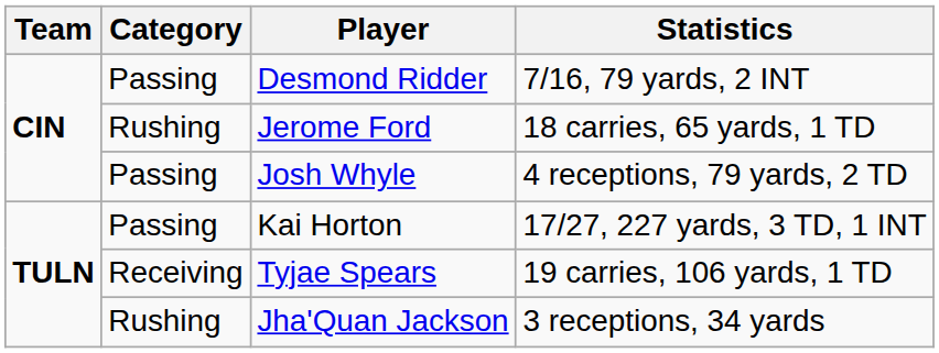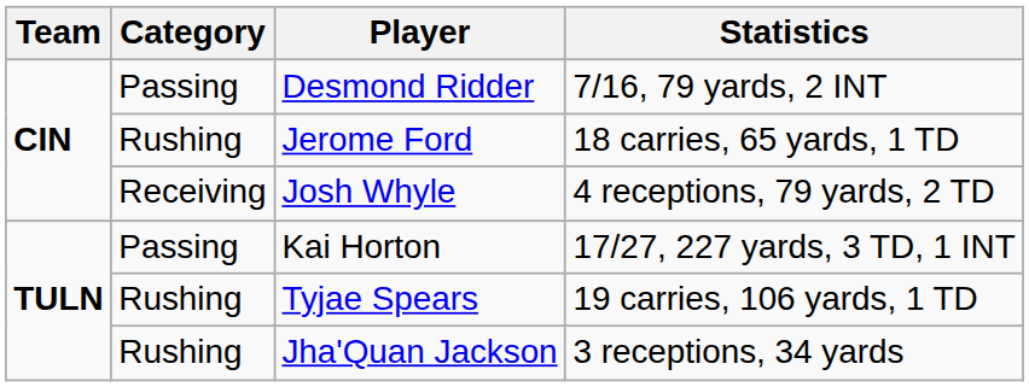 <table class="wikitable" style="float: left;">
 <tr>
 <th>Team</th>
 <th>Category</th>
 <th>Player</th>
 <th>Statistics</th>
 </tr>
 <tr>
 <td rowspan=3><strong>CIN</strong></td>
 <td>Passing</td>
 <td><a href='#'>Desmond Ridder</a></td>
 <td>7/16, 79 yards, 2 INT</td>
 </tr>
 <tr>
 <td>Rushing</td>
 <td><a href='#'>Jerome Ford</a></td>
 <td>18 carries, 65 yards, 1 TD</td>
 </tr>
 <tr>
-<td>Passing</td>
+<td>Receiving</td>
 <td><a href='#'>Josh Whyle</a></td>
 <td>4 receptions, 79 yards, 2 TD</td>
 </tr>
 <tr>
 <td rowspan=3><strong>TULN</strong></td>
 <td>Passing</td>
 <td>Kai Horton</td>
 <td>17/27, 227 yards, 3 TD, 1 INT</td>
 </tr>
 <tr>
-<td>Receiving</td>
+<td>Rushing</td>
 <td><a href='#'>Tyjae Spears</a></td>
 <td>19 carries, 106 yards, 1 TD</td>
 </tr>
 <tr>
 <td>Rushing</td>
 <td><a href='#'>Jha'Quan Jackson</a></td>
 <td>3 receptions, 34 yards</td>
 </tr>
 </table>
